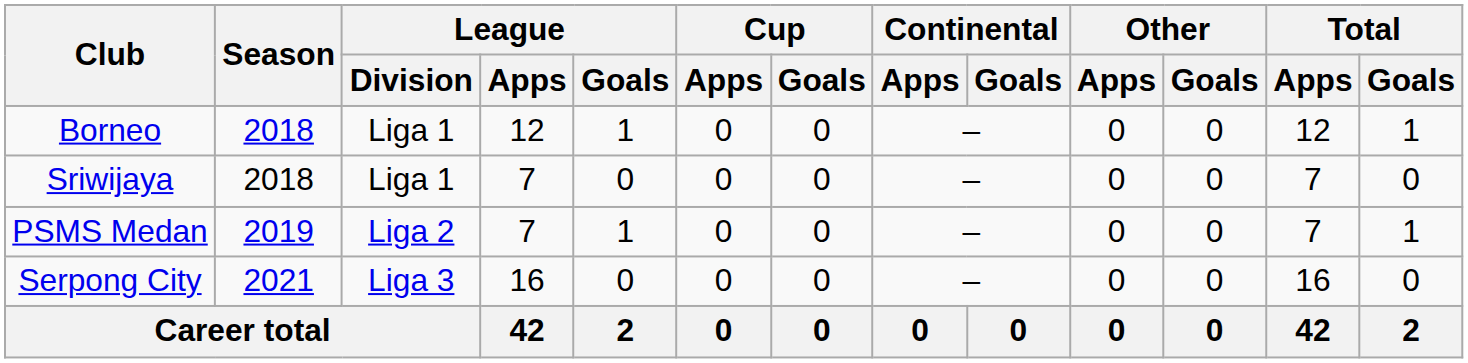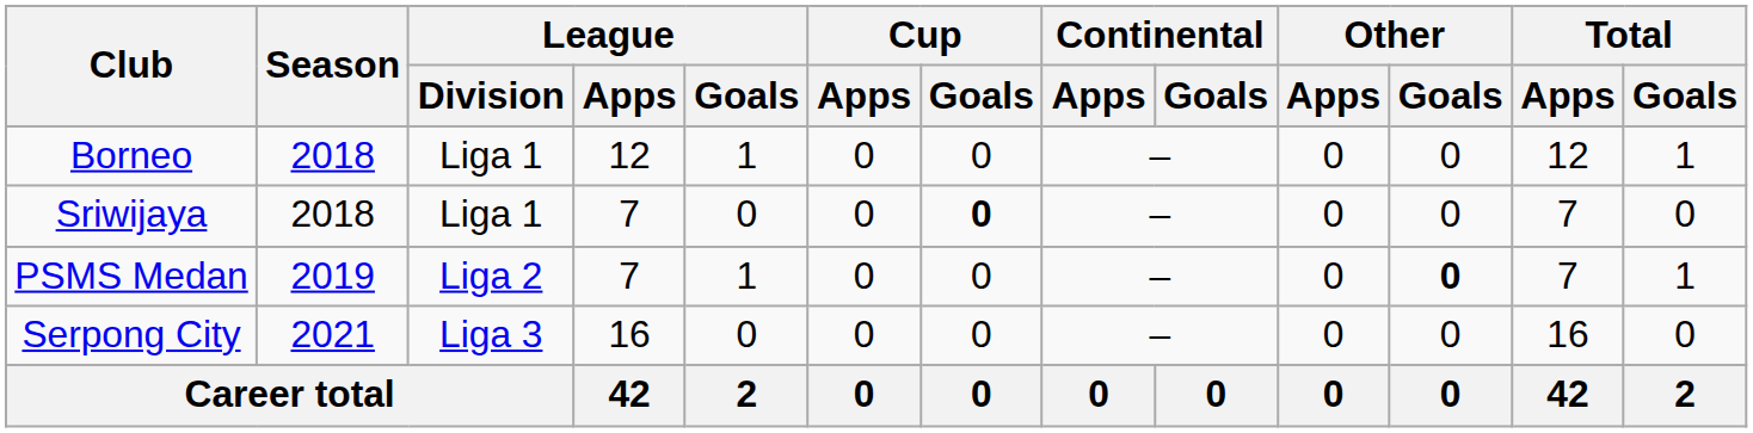 <table class="wikitable" style="text-align:center">
 <tr>
 <th rowspan="2">Club</th>
 <th rowspan="2">Season</th>
 <th colspan="3">League</th>
 <th colspan="2">Cup</th>
 <th colspan="2">Continental</th>
 <th colspan="2">Other</th>
 <th colspan="2">Total</th>
 </tr>
 <tr>
 <th>Division</th>
 <th>Apps</th>
 <th>Goals</th>
 <th>Apps</th>
 <th>Goals</th>
 <th>Apps</th>
 <th>Goals</th>
 <th>Apps</th>
 <th>Goals</th>
 <th>Apps</th>
 <th>Goals</th>
 </tr>
 <tr>
 <td><a href='#'>Borneo</a></td>
 <td><a href='#'>2018</a></td>
 <td>Liga 1</td>
 <td>12</td>
 <td>1</td>
 <td>0</td>
 <td>0</td>
 <td colspan="2">–</td>
 <td>0</td>
 <td>0</td>
 <td>12</td>
 <td>1</td>
 </tr>
 <tr>
 <td><a href='#'>Sriwijaya</a></td>
 <td>2018</td>
 <td>Liga 1</td>
 <td>7</td>
 <td>0</td>
 <td>0</td>
-<td>0</td>
+<td><strong>0</strong></td>
 <td colspan="2">–</td>
 <td>0</td>
 <td>0</td>
 <td>7</td>
 <td>0</td>
 </tr>
 <tr>
 <td><a href='#'>PSMS Medan</a></td>
 <td><a href='#'>2019</a></td>
 <td><a href='#'>Liga 2</a></td>
 <td>7</td>
 <td>1</td>
 <td>0</td>
 <td>0</td>
 <td colspan="2">–</td>
 <td>0</td>
-<td>0</td>
+<td><strong>0</strong></td>
 <td>7</td>
 <td>1</td>
 </tr>
 <tr>
 <td><a href='#'>Serpong City</a></td>
 <td><a href='#'>2021</a></td>
 <td><a href='#'>Liga 3</a></td>
 <td>16</td>
 <td>0</td>
 <td>0</td>
 <td>0</td>
 <td colspan="2">–</td>
 <td>0</td>
 <td>0</td>
 <td>16</td>
 <td>0</td>
 </tr>
 <tr>
 <th colspan="3">Career total</th>
 <th>42</th>
 <th>2</th>
 <th>0</th>
 <th>0</th>
 <th>0</th>
 <th>0</th>
 <th>0</th>
 <th>0</th>
 <th>42</th>
 <th>2</th>
 </tr>
 </table>
